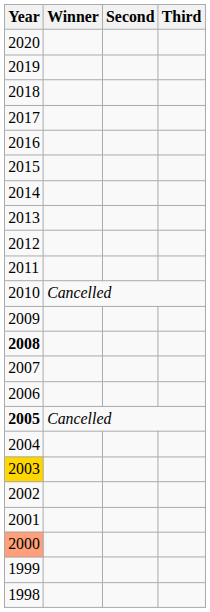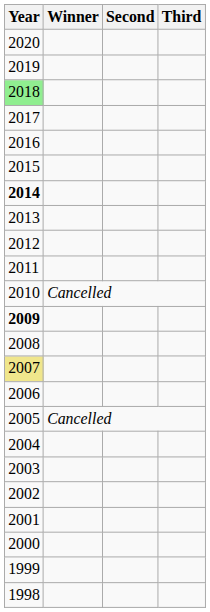 <table class="wikitable">
 <tr>
 <th>Year</th>
 <th>Winner</th>
 <th>Second</th>
 <th>Third</th>
 </tr>
 <tr>
 <td>2020</td>
 <td></td>
 <td></td>
 <td></td>
 </tr>
 <tr>
 <td>2019</td>
 <td></td>
 <td></td>
 <td></td>
 </tr>
 <tr>
-<td>2018</td>
+<td style="background: lightgreen;">2018</td>
 <td></td>
 <td></td>
 <td></td>
 </tr>
 <tr>
 <td>2017</td>
 <td></td>
 <td></td>
 <td></td>
 </tr>
 <tr>
 <td>2016</td>
 <td></td>
 <td></td>
 <td></td>
 </tr>
 <tr>
 <td>2015</td>
 <td></td>
 <td></td>
 <td></td>
 </tr>
 <tr>
-<td>2014</td>
+<td><strong>2014</strong></td>
 <td></td>
 <td></td>
 <td></td>
 </tr>
 <tr>
 <td>2013</td>
 <td></td>
 <td></td>
 <td></td>
 </tr>
 <tr>
 <td>2012</td>
 <td></td>
 <td></td>
 <td></td>
 </tr>
 <tr>
 <td>2011</td>
 <td></td>
 <td></td>
 <td></td>
 </tr>
 <tr>
 <td>2010</td>
 <td colspan=3><em>Cancelled</em></td>
 </tr>
 <tr>
-<td>2009</td>
+<td><strong>2009</strong></td>
 <td></td>
 <td></td>
 <td></td>
 </tr>
 <tr>
-<td><strong>2008</strong></td>
+<td>2008</td>
 <td></td>
 <td></td>
 <td></td>
 </tr>
 <tr>
-<td>2007</td>
+<td style="background: khaki;">2007</td>
 <td></td>
 <td></td>
 <td></td>
 </tr>
 <tr>
 <td>2006</td>
 <td></td>
 <td></td>
 <td></td>
 </tr>
 <tr>
-<td><strong>2005</strong></td>
+<td>2005</td>
 <td colspan=3><em>Cancelled</em></td>
 </tr>
 <tr>
 <td>2004</td>
 <td></td>
 <td></td>
 <td></td>
 </tr>
 <tr>
-<td style="background: gold;">2003</td>
+<td>2003</td>
 <td></td>
 <td></td>
 <td></td>
 </tr>
 <tr>
 <td>2002</td>
 <td></td>
 <td></td>
 <td></td>
 </tr>
 <tr>
 <td>2001</td>
 <td></td>
 <td></td>
 <td></td>
 </tr>
 <tr>
-<td style="background: lightsalmon;">2000</td>
+<td>2000</td>
 <td></td>
 <td></td>
 <td></td>
 </tr>
 <tr>
 <td>1999</td>
 <td></td>
 <td></td>
 <td></td>
 </tr>
 <tr>
 <td>1998</td>
 <td></td>
 <td></td>
 <td></td>
 </tr>
 </table>
